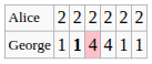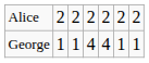 <table class="wikitable">
 <tr>
 <td>Alice</td>
 <td><big>2</big></td>
 <td><big>2</big></td>
 <td><big>2</big></td>
 <td><big>2</big></td>
 <td><big>2</big></td>
 <td><big>2</big></td>
 </tr>
 <tr>
 <td>George</td>
 <td><big>1</big></td>
-<td><strong><big>1</big></strong></td>
-<td style="background: pink;"><big>4</big></td>
+<td><big>1</big></td>
+<td><big>4</big></td>
 <td><big>4</big></td>
 <td><big>1</big></td>
 <td><big>1</big></td>
 </tr>
 </table>
